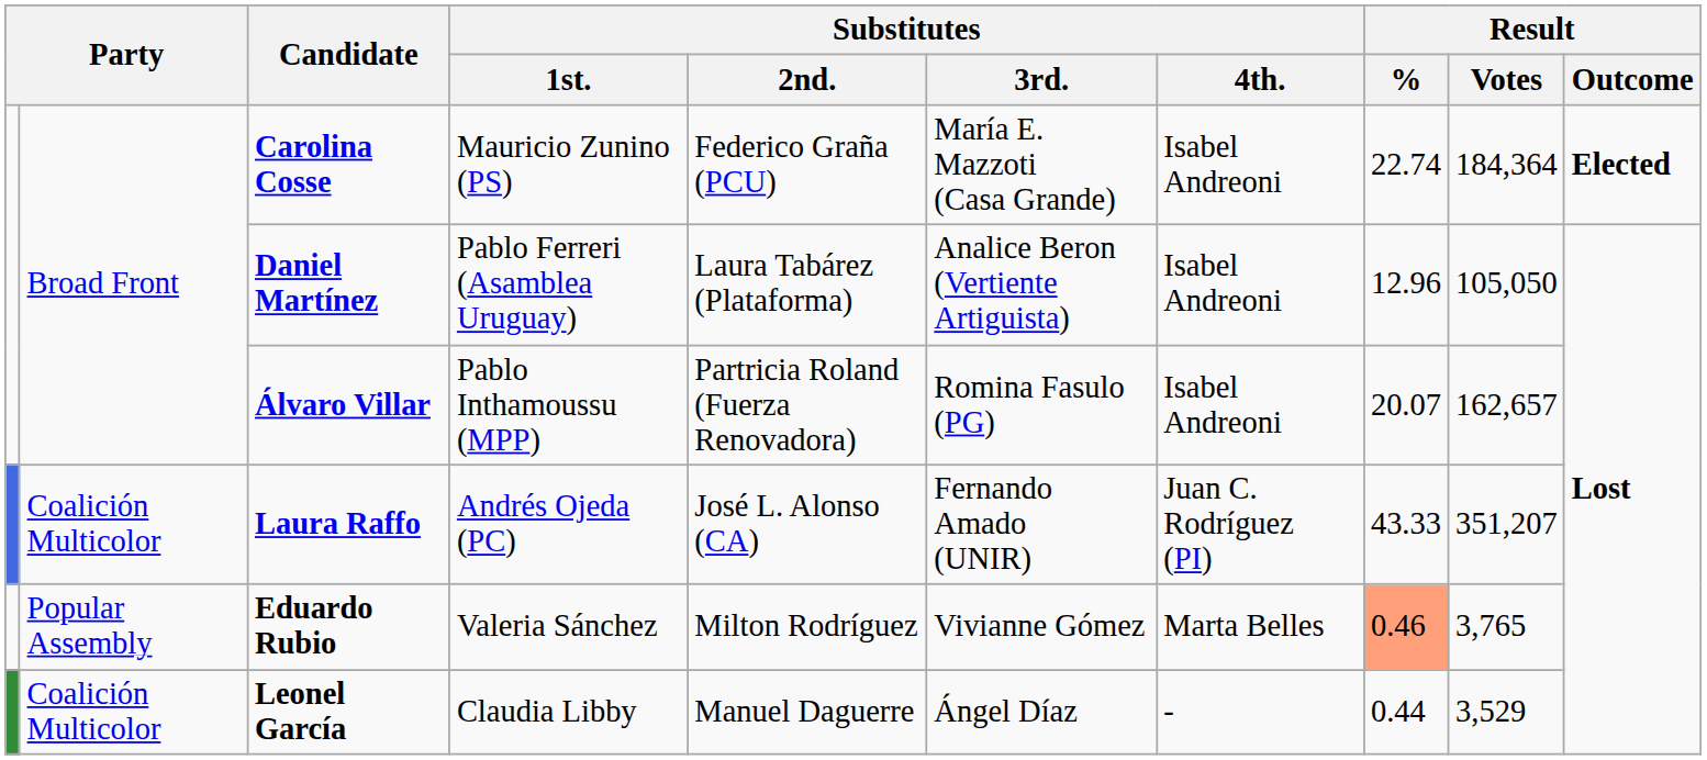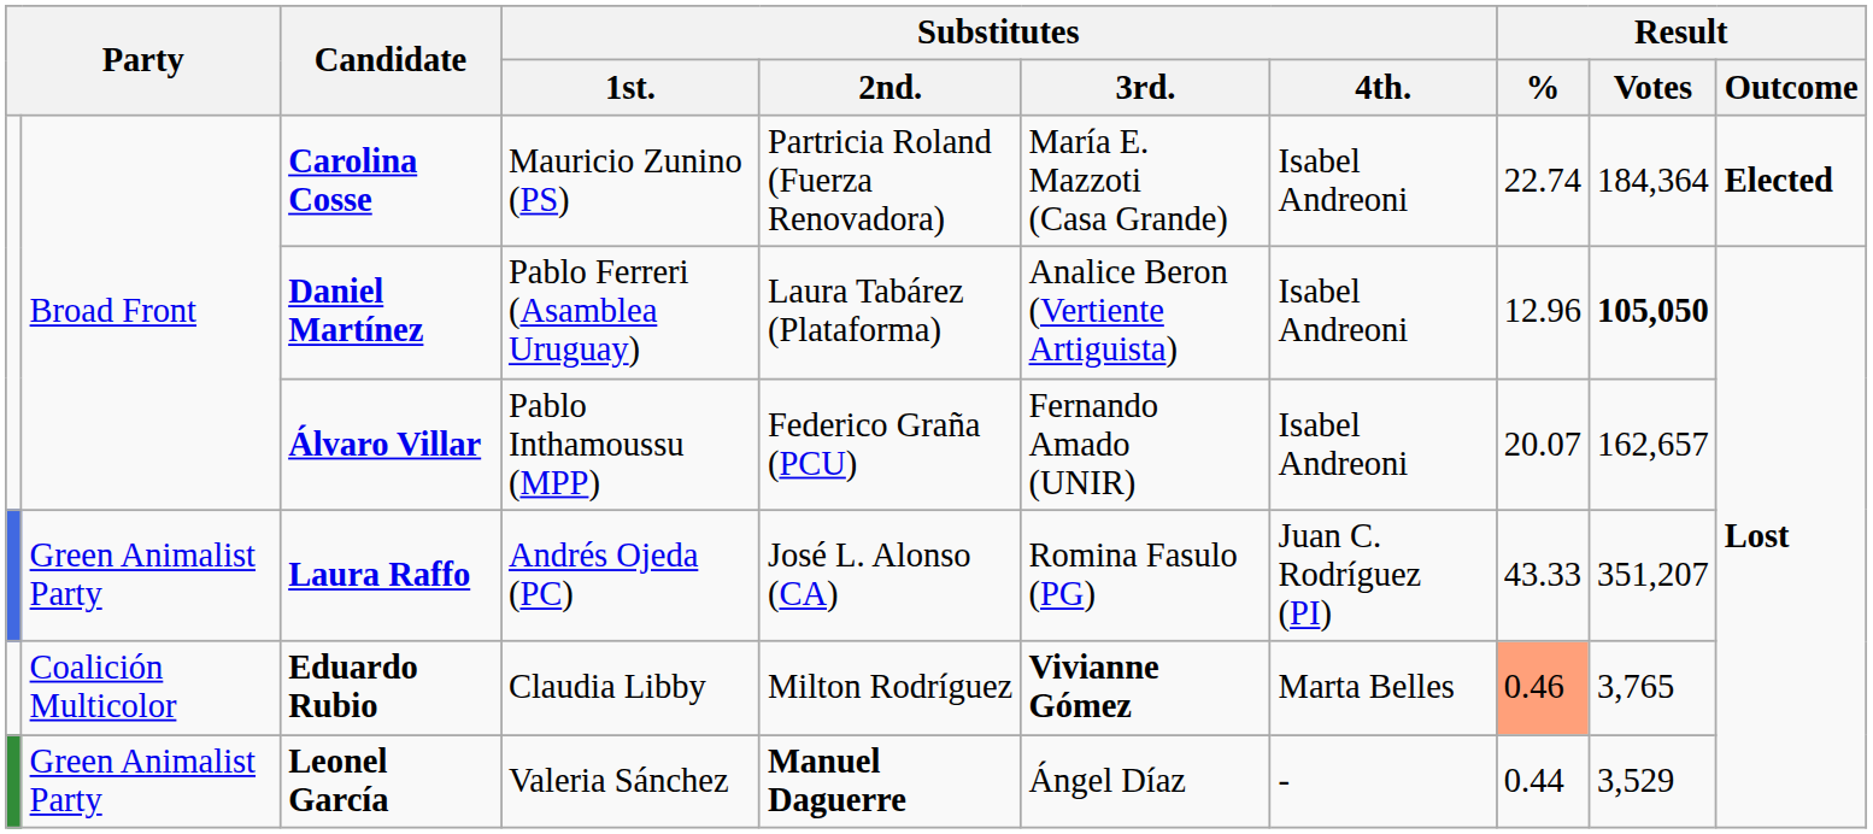 <table class="wikitable">
 <tr>
 <th colspan="2" rowspan="2">Party</th>
 <th rowspan="2">Candidate</th>
 <th colspan="4">Substitutes</th>
 <th colspan="3">Result</th>
 </tr>
 <tr>
 <th>1st.</th>
 <th>2nd.</th>
 <th>3rd.</th>
 <th>4th.</th>
 <th>%</th>
 <th>Votes</th>
 <th>Outcome</th>
 </tr>
 <tr>
 <td rowspan="3" style="background:"></td>
 <td rowspan="3"><a href='#'>Broad Front</a></td>
 <td><strong><a href='#'>Carolina Cosse</a></strong></td>
 <td>Mauricio Zunino<br>(<a href='#'>PS</a>)</td>
-<td>Federico Graña<br>(<a href='#'>PCU</a>)</td>
+<td>Partricia Roland<br>(Fuerza Renovadora)</td>
 <td>María E. Mazzoti<br>(Casa Grande)</td>
 <td>Isabel Andreoni</td>
 <td>22.74</td>
 <td>184,364</td>
 <td><strong>Elected</strong> </td>
 </tr>
 <tr>
 <td><strong><a href='#'>Daniel Martínez</a></strong></td>
 <td>Pablo Ferreri<br>(<a href='#'>Asamblea Uruguay</a>)</td>
 <td>Laura Tabárez<br>(Plataforma)</td>
 <td>Analice Beron<br>(<a href='#'>Vertiente Artiguista</a>)</td>
 <td>Isabel Andreoni</td>
 <td>12.96</td>
-<td>105,050</td>
+<td><strong>105,050</strong></td>
 <td rowspan="5"><strong>Lost</strong> </td>
 </tr>
 <tr>
 <td><strong><a href='#'>Álvaro Villar</a></strong></td>
 <td>Pablo Inthamoussu<br>(<a href='#'>MPP</a>)</td>
-<td>Partricia Roland<br>(Fuerza Renovadora)</td>
-<td>Romina Fasulo<br>(<a href='#'>PG</a>)</td>
+<td>Federico Graña<br>(<a href='#'>PCU</a>)</td>
+<td>Fernando Amado<br>(UNIR)</td>
 <td>Isabel Andreoni</td>
 <td>20.07</td>
 <td>162,657</td>
 </tr>
 <tr>
 <td style="background:#4169E1"></td>
-<td><a href='#'>Coalición Multicolor</a></td>
+<td><a href='#'>Green Animalist Party</a></td>
 <td><strong><a href='#'>Laura Raffo</a></strong></td>
 <td><a href='#'>Andrés Ojeda</a><br>(<a href='#'>PC</a>)</td>
 <td>José L. Alonso<br>(<a href='#'>CA</a>)</td>
-<td>Fernando Amado<br>(UNIR)</td>
+<td>Romina Fasulo<br>(<a href='#'>PG</a>)</td>
 <td>Juan C. Rodríguez<br>(<a href='#'>PI</a>)</td>
 <td>43.33</td>
 <td>351,207</td>
 </tr>
 <tr>
 <td style="background:"></td>
-<td><a href='#'>Popular Assembly</a></td>
+<td><a href='#'>Coalición Multicolor</a></td>
 <td><strong>Eduardo Rubio</strong></td>
-<td>Valeria Sánchez</td>
+<td>Claudia Libby</td>
 <td>Milton Rodríguez</td>
-<td>Vivianne Gómez</td>
+<td><strong>Vivianne Gómez</strong></td>
 <td>Marta Belles</td>
 <td style="background: lightsalmon;">0.46</td>
 <td>3,765</td>
 </tr>
 <tr>
 <td style="background:#318C38"></td>
-<td><a href='#'>Coalición Multicolor</a></td>
+<td><a href='#'>Green Animalist Party</a></td>
 <td><strong>Leonel García</strong></td>
-<td>Claudia Libby</td>
-<td>Manuel Daguerre</td>
+<td>Valeria Sánchez</td>
+<td><strong>Manuel Daguerre</strong></td>
 <td>Ángel Díaz</td>
 <td>-</td>
 <td>0.44</td>
 <td>3,529</td>
 </tr>
 </table>
